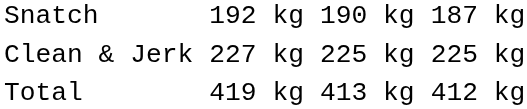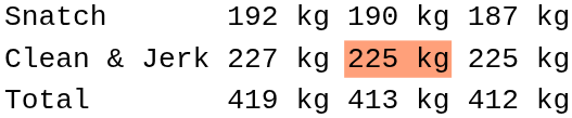 <table>
 <tr>
 <td>Snatch</td>
 <td></td>
 <td>192 kg</td>
 <td></td>
 <td>190 kg</td>
 <td></td>
 <td>187 kg</td>
 </tr>
 <tr>
 <td>Clean & Jerk</td>
 <td></td>
 <td>227 kg</td>
 <td></td>
-<td>225 kg</td>
+<td style="background: lightsalmon;">225 kg</td>
 <td></td>
 <td>225 kg</td>
 </tr>
 <tr>
 <td>Total</td>
 <td></td>
 <td>419 kg</td>
 <td></td>
 <td>413 kg</td>
 <td></td>
 <td>412 kg</td>
 </tr>
 </table>
